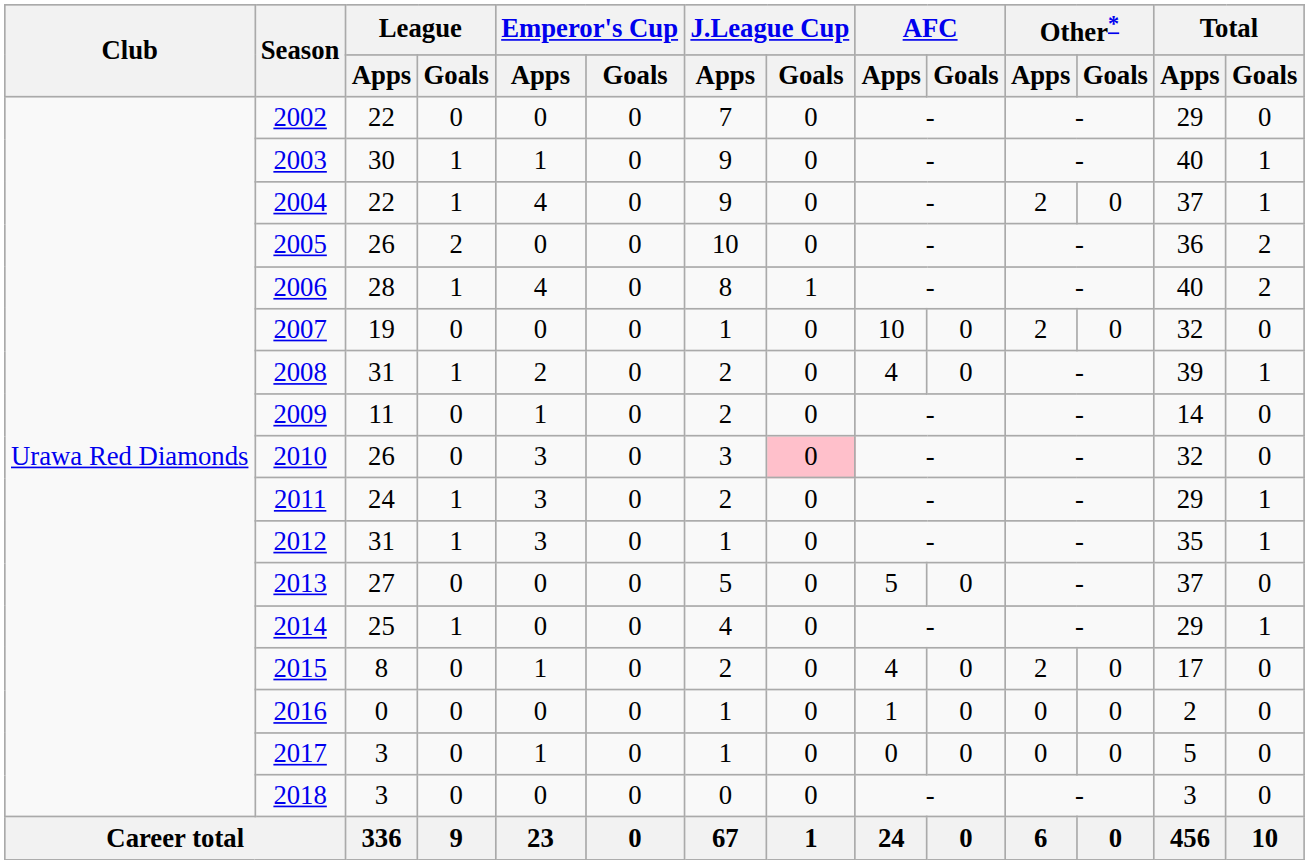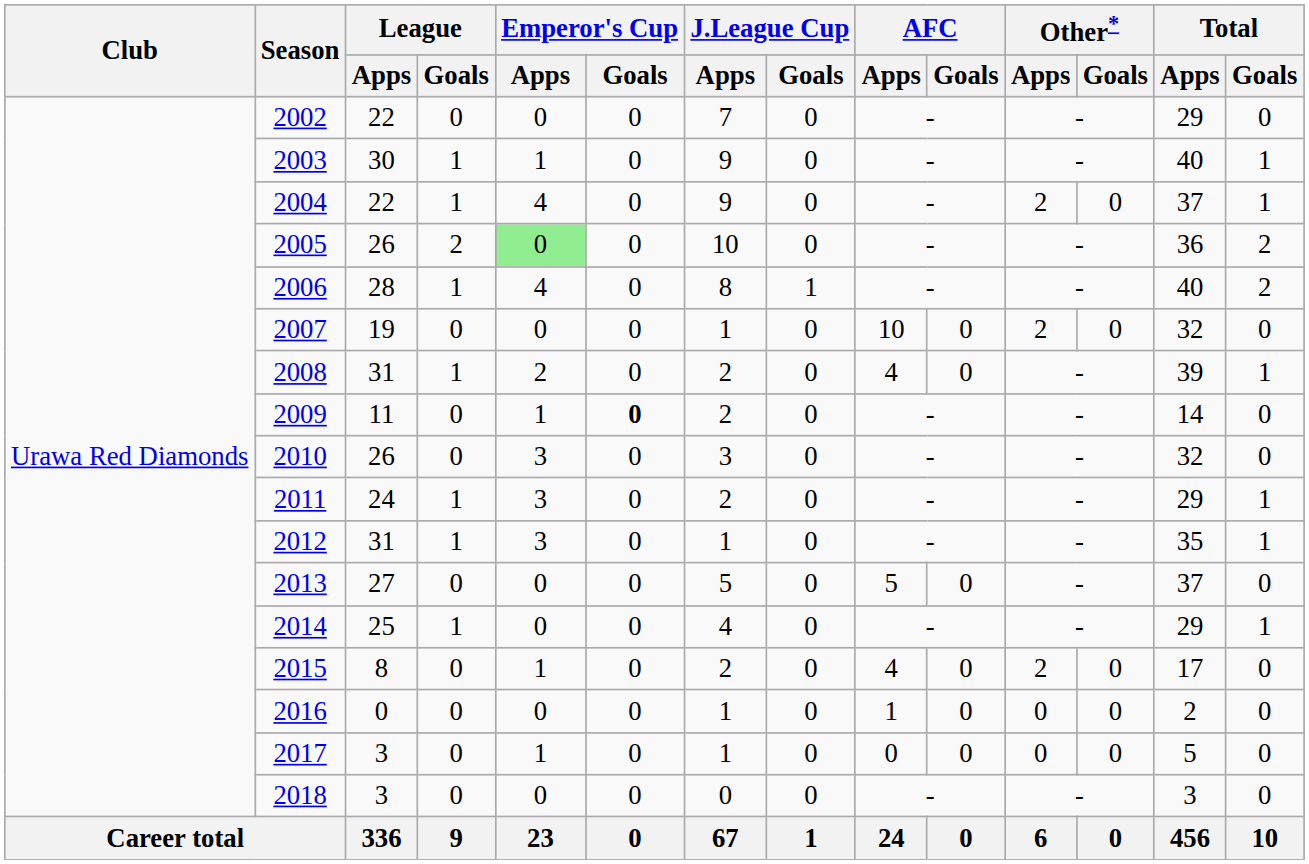 <table class="wikitable" style="text-align:center;">
 <tr>
 <th rowspan="2">Club</th>
 <th rowspan="2">Season</th>
 <th colspan="2">League</th>
 <th colspan="2"><a href='#'>Emperor's Cup</a></th>
 <th colspan="2"><a href='#'>J.League Cup</a></th>
 <th colspan="2"><a href='#'>AFC</a></th>
 <th colspan="2">Other<sup><a href='#'>*</a></sup></th>
 <th colspan="2">Total</th>
 </tr>
 <tr>
 <th>Apps</th>
 <th>Goals</th>
 <th>Apps</th>
 <th>Goals</th>
 <th>Apps</th>
 <th>Goals</th>
 <th>Apps</th>
 <th>Goals</th>
 <th>Apps</th>
 <th>Goals</th>
 <th>Apps</th>
 <th>Goals</th>
 </tr>
 <tr>
 <td rowspan="17"><a href='#'>Urawa Red Diamonds</a></td>
 <td><a href='#'>2002</a></td>
 <td>22</td>
 <td>0</td>
 <td>0</td>
 <td>0</td>
 <td>7</td>
 <td>0</td>
 <td colspan="2">-</td>
 <td colspan="2">-</td>
 <td>29</td>
 <td>0</td>
 </tr>
 <tr>
 <td><a href='#'>2003</a></td>
 <td>30</td>
 <td>1</td>
 <td>1</td>
 <td>0</td>
 <td>9</td>
 <td>0</td>
 <td colspan="2">-</td>
 <td colspan="2">-</td>
 <td>40</td>
 <td>1</td>
 </tr>
 <tr>
 <td><a href='#'>2004</a></td>
 <td>22</td>
 <td>1</td>
 <td>4</td>
 <td>0</td>
 <td>9</td>
 <td>0</td>
 <td colspan="2">-</td>
 <td>2</td>
 <td>0</td>
 <td>37</td>
 <td>1</td>
 </tr>
 <tr>
 <td><a href='#'>2005</a></td>
 <td>26</td>
 <td>2</td>
-<td>0</td>
+<td style="background: lightgreen;">0</td>
 <td>0</td>
 <td>10</td>
 <td>0</td>
 <td colspan="2">-</td>
 <td colspan="2">-</td>
 <td>36</td>
 <td>2</td>
 </tr>
 <tr>
 <td><a href='#'>2006</a></td>
 <td>28</td>
 <td>1</td>
 <td>4</td>
 <td>0</td>
 <td>8</td>
 <td>1</td>
 <td colspan="2">-</td>
 <td colspan="2">-</td>
 <td>40</td>
 <td>2</td>
 </tr>
 <tr>
 <td><a href='#'>2007</a></td>
 <td>19</td>
 <td>0</td>
 <td>0</td>
 <td>0</td>
 <td>1</td>
 <td>0</td>
 <td>10</td>
 <td>0</td>
 <td>2</td>
 <td>0</td>
 <td>32</td>
 <td>0</td>
 </tr>
 <tr>
 <td><a href='#'>2008</a></td>
 <td>31</td>
 <td>1</td>
 <td>2</td>
 <td>0</td>
 <td>2</td>
 <td>0</td>
 <td>4</td>
 <td>0</td>
 <td colspan="2">-</td>
 <td>39</td>
 <td>1</td>
 </tr>
 <tr>
 <td><a href='#'>2009</a></td>
 <td>11</td>
 <td>0</td>
 <td>1</td>
-<td>0</td>
+<td><strong>0</strong></td>
 <td>2</td>
 <td>0</td>
 <td colspan="2">-</td>
 <td colspan="2">-</td>
 <td>14</td>
 <td>0</td>
 </tr>
 <tr>
 <td><a href='#'>2010</a></td>
 <td>26</td>
 <td>0</td>
 <td>3</td>
 <td>0</td>
 <td>3</td>
-<td style="background: pink;">0</td>
+<td>0</td>
 <td colspan="2">-</td>
 <td colspan="2">-</td>
 <td>32</td>
 <td>0</td>
 </tr>
 <tr>
 <td><a href='#'>2011</a></td>
 <td>24</td>
 <td>1</td>
 <td>3</td>
 <td>0</td>
 <td>2</td>
 <td>0</td>
 <td colspan="2">-</td>
 <td colspan="2">-</td>
 <td>29</td>
 <td>1</td>
 </tr>
 <tr>
 <td><a href='#'>2012</a></td>
 <td>31</td>
 <td>1</td>
 <td>3</td>
 <td>0</td>
 <td>1</td>
 <td>0</td>
 <td colspan="2">-</td>
 <td colspan="2">-</td>
 <td>35</td>
 <td>1</td>
 </tr>
 <tr>
 <td><a href='#'>2013</a></td>
 <td>27</td>
 <td>0</td>
 <td>0</td>
 <td>0</td>
 <td>5</td>
 <td>0</td>
 <td>5</td>
 <td>0</td>
 <td colspan="2">-</td>
 <td>37</td>
 <td>0</td>
 </tr>
 <tr>
 <td><a href='#'>2014</a></td>
 <td>25</td>
 <td>1</td>
 <td>0</td>
 <td>0</td>
 <td>4</td>
 <td>0</td>
 <td colspan="2">-</td>
 <td colspan="2">-</td>
 <td>29</td>
 <td>1</td>
 </tr>
 <tr>
 <td><a href='#'>2015</a></td>
 <td>8</td>
 <td>0</td>
 <td>1</td>
 <td>0</td>
 <td>2</td>
 <td>0</td>
 <td>4</td>
 <td>0</td>
 <td>2</td>
 <td>0</td>
 <td>17</td>
 <td>0</td>
 </tr>
 <tr>
 <td><a href='#'>2016</a></td>
 <td>0</td>
 <td>0</td>
 <td>0</td>
 <td>0</td>
 <td>1</td>
 <td>0</td>
 <td>1</td>
 <td>0</td>
 <td>0</td>
 <td>0</td>
 <td>2</td>
 <td>0</td>
 </tr>
 <tr>
 <td><a href='#'>2017</a></td>
 <td>3</td>
 <td>0</td>
 <td>1</td>
 <td>0</td>
 <td>1</td>
 <td>0</td>
 <td>0</td>
 <td>0</td>
 <td>0</td>
 <td>0</td>
 <td>5</td>
 <td>0</td>
 </tr>
 <tr>
 <td><a href='#'>2018</a></td>
 <td>3</td>
 <td>0</td>
 <td>0</td>
 <td>0</td>
 <td>0</td>
 <td>0</td>
 <td colspan="2">-</td>
 <td colspan="2">-</td>
 <td>3</td>
 <td>0</td>
 </tr>
 <tr>
 <th colspan="2">Career total</th>
 <th>336</th>
 <th>9</th>
 <th>23</th>
 <th>0</th>
 <th>67</th>
 <th>1</th>
 <th>24</th>
 <th>0</th>
 <th>6</th>
 <th>0</th>
 <th>456</th>
 <th>10</th>
 </tr>
 </table>
